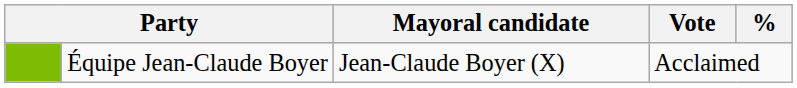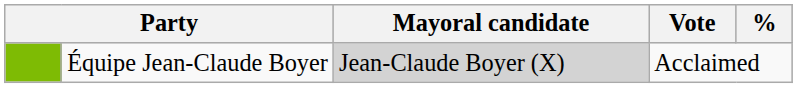 <table class="wikitable">
 <tr>
 <th bgcolor="#DDDDFF" width="200px" colspan="2">Party</th>
 <th bgcolor="#DDDDFF" width="200px">Mayoral candidate</th>
 <th bgcolor="#DDDDFF" width="50px">Vote</th>
 <th bgcolor="#DDDDFF" width="30px">%</th>
 </tr>
 <tr>
 <td bgcolor=#7EBB04 width="30px"> </td>
 <td>Équipe Jean-Claude Boyer</td>
-<td>Jean-Claude Boyer (X)</td>
+<td style="background: lightgrey;">Jean-Claude Boyer (X)</td>
 <td colspan="2">Acclaimed</td>
 </tr>
 </table>
